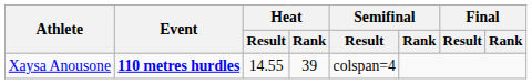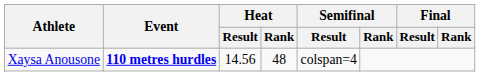 <table class="wikitable" style="font-size:90%">
 <tr>
 <th rowspan="2">Athlete</th>
 <th rowspan="2">Event</th>
 <th colspan="2">Heat</th>
 <th colspan="2">Semifinal</th>
 <th colspan="2">Final</th>
 </tr>
 <tr style="font-size:95%">
 <th>Result</th>
 <th>Rank</th>
 <th>Result</th>
 <th>Rank</th>
 <th>Result</th>
 <th>Rank</th>
 </tr>
 <tr style=text-align:center>
 <td style=text-align:left><a href='#'>Xaysa Anousone</a></td>
 <td style=text-align:left><strong><a href='#'>110 metres hurdles</a></strong></td>
-<td>14.55</td>
-<td>39</td>
+<td>14.56</td>
+<td>48</td>
 <td>colspan=4 </td>
 </tr>
 </table>
